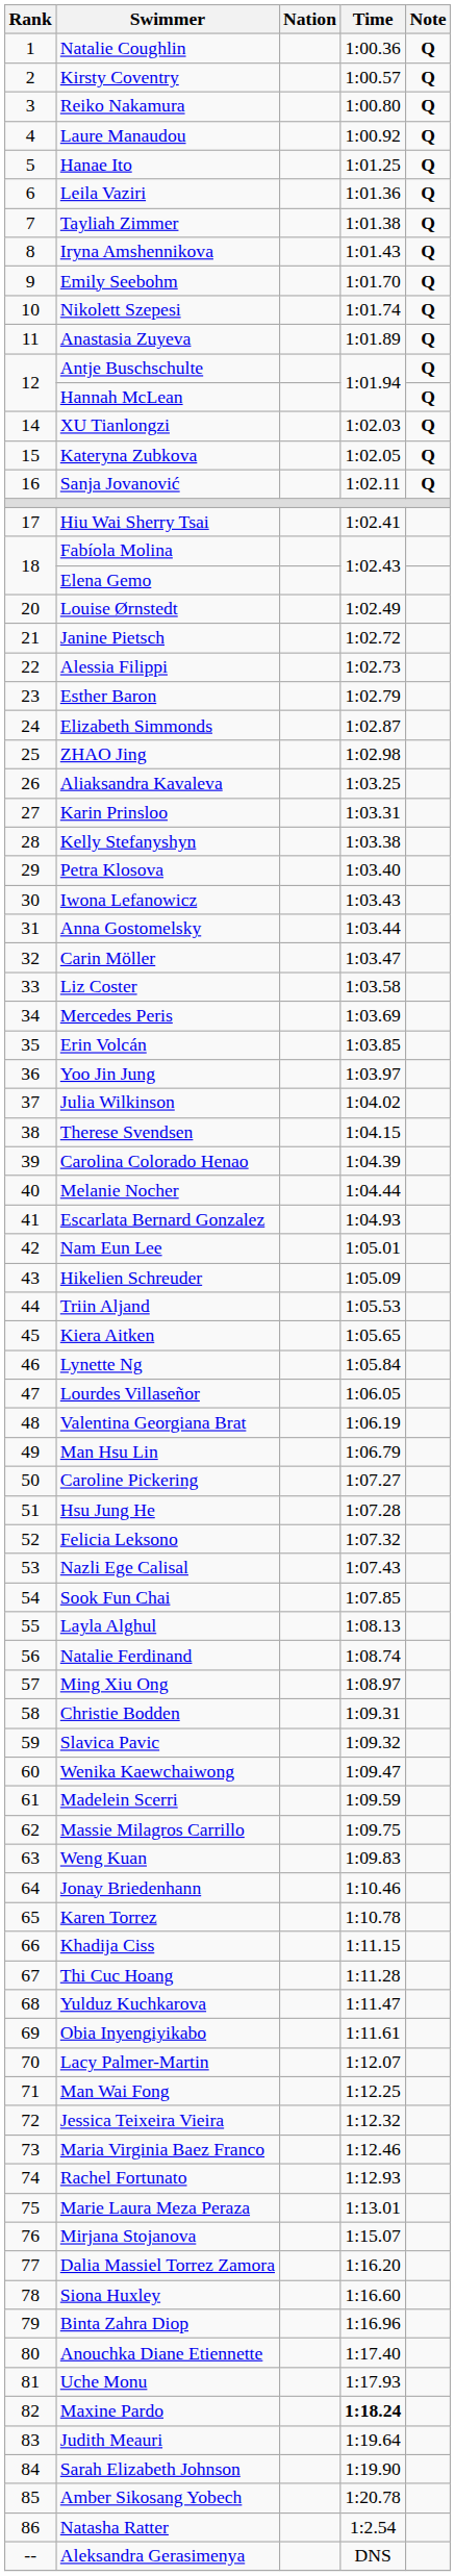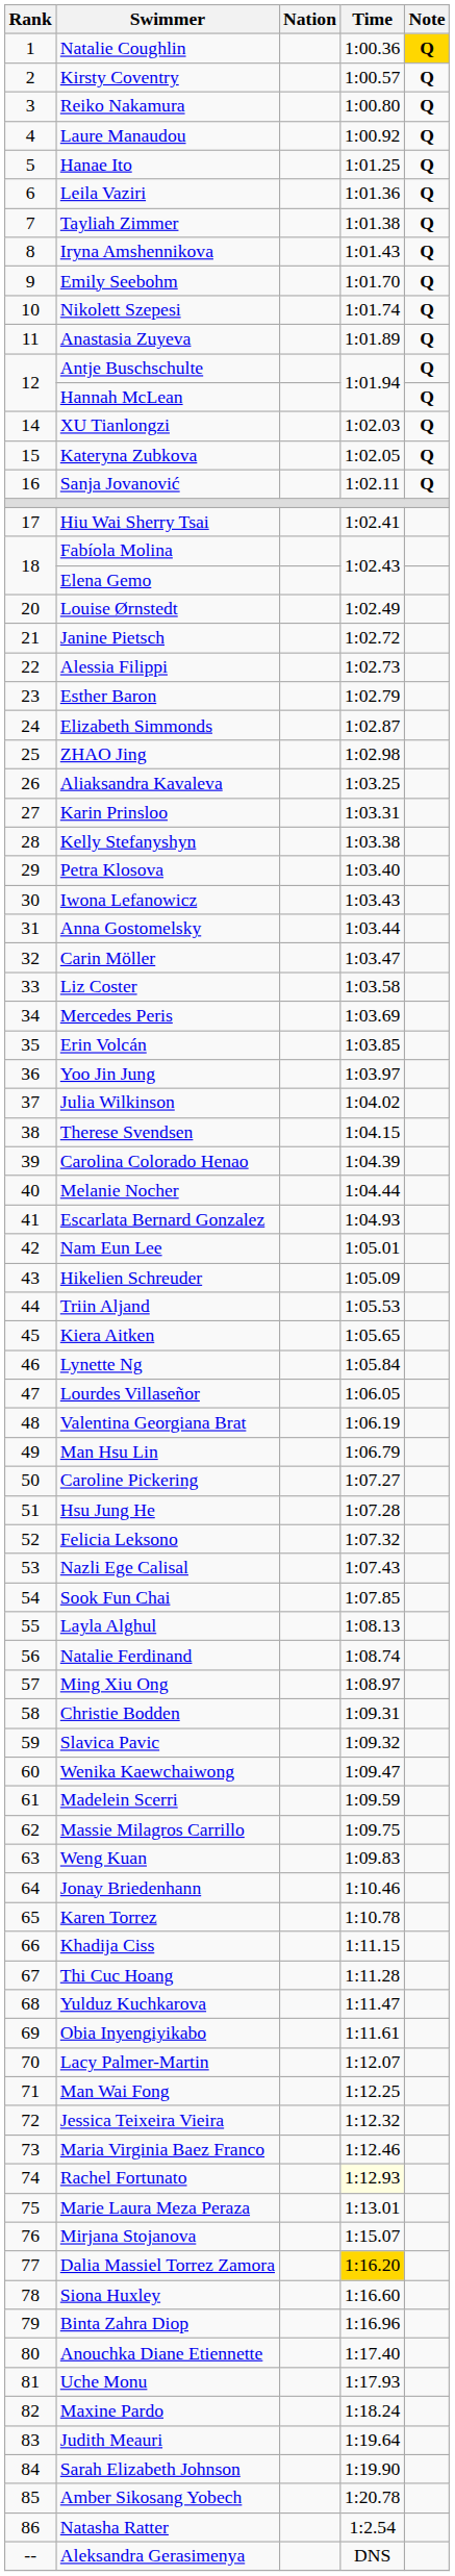 <table class="wikitable" style="text-align:center">
 <tr>
 <th>Rank</th>
 <th>Swimmer</th>
 <th>Nation</th>
 <th>Time</th>
 <th>Note</th>
 </tr>
 <tr>
 <td>1</td>
 <td align=left><a href='#'>Natalie Coughlin</a></td>
 <td align=left></td>
 <td>1:00.36</td>
-<td><strong>Q</strong></td>
+<td style="background: gold;"><strong>Q</strong></td>
 </tr>
 <tr>
 <td>2</td>
 <td align=left><a href='#'>Kirsty Coventry</a></td>
 <td align=left></td>
 <td>1:00.57</td>
 <td><strong>Q</strong></td>
 </tr>
 <tr>
 <td>3</td>
 <td align=left><a href='#'>Reiko Nakamura</a></td>
 <td align=left></td>
 <td>1:00.80</td>
 <td><strong>Q</strong></td>
 </tr>
 <tr>
 <td>4</td>
 <td align=left><a href='#'>Laure Manaudou</a></td>
 <td align=left></td>
 <td>1:00.92</td>
 <td><strong>Q</strong></td>
 </tr>
 <tr>
 <td>5</td>
 <td align=left><a href='#'>Hanae Ito</a></td>
 <td align=left></td>
 <td>1:01.25</td>
 <td><strong>Q</strong></td>
 </tr>
 <tr>
 <td>6</td>
 <td align=left><a href='#'>Leila Vaziri</a></td>
 <td align=left></td>
 <td>1:01.36</td>
 <td><strong>Q</strong></td>
 </tr>
 <tr>
 <td>7</td>
 <td align=left><a href='#'>Tayliah Zimmer</a></td>
 <td align=left></td>
 <td>1:01.38</td>
 <td><strong>Q</strong></td>
 </tr>
 <tr>
 <td>8</td>
 <td align=left><a href='#'>Iryna Amshennikova</a></td>
 <td align=left></td>
 <td>1:01.43</td>
 <td><strong>Q</strong></td>
 </tr>
 <tr>
 <td>9</td>
 <td align=left><a href='#'>Emily Seebohm</a></td>
 <td align=left></td>
 <td>1:01.70</td>
 <td><strong>Q</strong></td>
 </tr>
 <tr>
 <td>10</td>
 <td align=left><a href='#'>Nikolett Szepesi</a></td>
 <td align=left></td>
 <td>1:01.74</td>
 <td><strong>Q</strong></td>
 </tr>
 <tr>
 <td>11</td>
 <td align=left><a href='#'>Anastasia Zuyeva</a></td>
 <td align=left></td>
 <td>1:01.89</td>
 <td><strong>Q</strong></td>
 </tr>
 <tr>
 <td rowspan=2>12</td>
 <td align=left><a href='#'>Antje Buschschulte</a></td>
 <td align=left></td>
 <td rowspan=2>1:01.94</td>
 <td><strong>Q</strong></td>
 </tr>
 <tr>
 <td align=left><a href='#'>Hannah McLean</a></td>
 <td align=left></td>
 <td><strong>Q</strong></td>
 </tr>
 <tr>
 <td>14</td>
 <td align=left><a href='#'>XU Tianlongzi</a></td>
 <td align=left></td>
 <td>1:02.03</td>
 <td><strong>Q</strong></td>
 </tr>
 <tr>
 <td>15</td>
 <td align=left><a href='#'>Kateryna Zubkova</a></td>
 <td align=left></td>
 <td>1:02.05</td>
 <td><strong>Q</strong></td>
 </tr>
 <tr>
 <td>16</td>
 <td align=left><a href='#'>Sanja Jovanović</a></td>
 <td align=left></td>
 <td>1:02.11</td>
 <td><strong>Q</strong></td>
 </tr>
 <tr bgcolor=#DDDDDD>
 <td colspan=6></td>
 </tr>
 <tr>
 <td>17</td>
 <td align=left><a href='#'>Hiu Wai Sherry Tsai</a></td>
 <td align=left></td>
 <td>1:02.41</td>
 <td></td>
 </tr>
 <tr>
 <td rowspan=2>18</td>
 <td align=left><a href='#'>Fabíola Molina</a></td>
 <td align=left></td>
 <td rowspan=2>1:02.43</td>
 <td></td>
 </tr>
 <tr>
 <td align=left><a href='#'>Elena Gemo</a></td>
 <td align=left></td>
 <td></td>
 </tr>
 <tr>
 <td>20</td>
 <td align=left><a href='#'>Louise Ørnstedt</a></td>
 <td align=left></td>
 <td>1:02.49</td>
 <td></td>
 </tr>
 <tr>
 <td>21</td>
 <td align=left><a href='#'>Janine Pietsch</a></td>
 <td align=left></td>
 <td>1:02.72</td>
 <td></td>
 </tr>
 <tr>
 <td>22</td>
 <td align=left><a href='#'>Alessia Filippi</a></td>
 <td align=left></td>
 <td>1:02.73</td>
 <td></td>
 </tr>
 <tr>
 <td>23</td>
 <td align=left><a href='#'>Esther Baron</a></td>
 <td align=left></td>
 <td>1:02.79</td>
 <td></td>
 </tr>
 <tr>
 <td>24</td>
 <td align=left><a href='#'>Elizabeth Simmonds</a></td>
 <td align=left></td>
 <td>1:02.87</td>
 <td></td>
 </tr>
 <tr>
 <td>25</td>
 <td align=left><a href='#'>ZHAO Jing</a></td>
 <td align=left></td>
 <td>1:02.98</td>
 <td></td>
 </tr>
 <tr>
 <td>26</td>
 <td align=left><a href='#'>Aliaksandra Kavaleva</a></td>
 <td align=left></td>
 <td>1:03.25</td>
 <td></td>
 </tr>
 <tr>
 <td>27</td>
 <td align=left><a href='#'>Karin Prinsloo</a></td>
 <td align=left></td>
 <td>1:03.31</td>
 <td></td>
 </tr>
 <tr>
 <td>28</td>
 <td align=left><a href='#'>Kelly Stefanyshyn</a></td>
 <td align=left></td>
 <td>1:03.38</td>
 <td></td>
 </tr>
 <tr>
 <td>29</td>
 <td align=left><a href='#'>Petra Klosova</a></td>
 <td align=left></td>
 <td>1:03.40</td>
 <td></td>
 </tr>
 <tr>
 <td>30</td>
 <td align=left><a href='#'>Iwona Lefanowicz</a></td>
 <td align=left></td>
 <td>1:03.43</td>
 <td></td>
 </tr>
 <tr>
 <td>31</td>
 <td align=left><a href='#'>Anna Gostomelsky</a></td>
 <td align=left></td>
 <td>1:03.44</td>
 <td></td>
 </tr>
 <tr>
 <td>32</td>
 <td align=left><a href='#'>Carin Möller</a></td>
 <td align=left></td>
 <td>1:03.47</td>
 <td></td>
 </tr>
 <tr>
 <td>33</td>
 <td align=left><a href='#'>Liz Coster</a></td>
 <td align=left></td>
 <td>1:03.58</td>
 <td></td>
 </tr>
 <tr>
 <td>34</td>
 <td align=left><a href='#'>Mercedes Peris</a></td>
 <td align=left></td>
 <td>1:03.69</td>
 <td></td>
 </tr>
 <tr>
 <td>35</td>
 <td align=left><a href='#'>Erin Volcán</a></td>
 <td align=left></td>
 <td>1:03.85</td>
 <td></td>
 </tr>
 <tr>
 <td>36</td>
 <td align=left><a href='#'>Yoo Jin Jung</a></td>
 <td align=left></td>
 <td>1:03.97</td>
 <td></td>
 </tr>
 <tr>
 <td>37</td>
 <td align=left><a href='#'>Julia Wilkinson</a></td>
 <td align=left></td>
 <td>1:04.02</td>
 <td></td>
 </tr>
 <tr>
 <td>38</td>
 <td align=left><a href='#'>Therese Svendsen</a></td>
 <td align=left></td>
 <td>1:04.15</td>
 <td></td>
 </tr>
 <tr>
 <td>39</td>
 <td align=left><a href='#'>Carolina Colorado Henao</a></td>
 <td align=left></td>
 <td>1:04.39</td>
 <td></td>
 </tr>
 <tr>
 <td>40</td>
 <td align=left><a href='#'>Melanie Nocher</a></td>
 <td align=left></td>
 <td>1:04.44</td>
 <td></td>
 </tr>
 <tr>
 <td>41</td>
 <td align=left><a href='#'>Escarlata Bernard Gonzalez</a></td>
 <td align=left></td>
 <td>1:04.93</td>
 <td></td>
 </tr>
 <tr>
 <td>42</td>
 <td align=left><a href='#'>Nam Eun Lee</a></td>
 <td align=left></td>
 <td>1:05.01</td>
 <td></td>
 </tr>
 <tr>
 <td>43</td>
 <td align=left><a href='#'>Hikelien Schreuder</a></td>
 <td align=left></td>
 <td>1:05.09</td>
 <td></td>
 </tr>
 <tr>
 <td>44</td>
 <td align=left><a href='#'>Triin Aljand</a></td>
 <td align=left></td>
 <td>1:05.53</td>
 <td></td>
 </tr>
 <tr>
 <td>45</td>
 <td align=left><a href='#'>Kiera Aitken</a></td>
 <td align=left></td>
 <td>1:05.65</td>
 <td></td>
 </tr>
 <tr>
 <td>46</td>
 <td align=left><a href='#'>Lynette Ng</a></td>
 <td align=left></td>
 <td>1:05.84</td>
 <td></td>
 </tr>
 <tr>
 <td>47</td>
 <td align=left><a href='#'>Lourdes Villaseñor</a></td>
 <td align=left></td>
 <td>1:06.05</td>
 <td></td>
 </tr>
 <tr>
 <td>48</td>
 <td align=left><a href='#'>Valentina Georgiana Brat</a></td>
 <td align=left></td>
 <td>1:06.19</td>
 <td></td>
 </tr>
 <tr>
 <td>49</td>
 <td align=left><a href='#'>Man Hsu Lin</a></td>
 <td align=left></td>
 <td>1:06.79</td>
 <td></td>
 </tr>
 <tr>
 <td>50</td>
 <td align=left><a href='#'>Caroline Pickering</a></td>
 <td align=left></td>
 <td>1:07.27</td>
 <td></td>
 </tr>
 <tr>
 <td>51</td>
 <td align=left><a href='#'>Hsu Jung He</a></td>
 <td align=left></td>
 <td>1:07.28</td>
 <td></td>
 </tr>
 <tr>
 <td>52</td>
 <td align=left><a href='#'>Felicia Leksono</a></td>
 <td align=left></td>
 <td>1:07.32</td>
 <td></td>
 </tr>
 <tr>
 <td>53</td>
 <td align=left><a href='#'>Nazli Ege Calisal</a></td>
 <td align=left></td>
 <td>1:07.43</td>
 <td></td>
 </tr>
 <tr>
 <td>54</td>
 <td align=left><a href='#'>Sook Fun Chai</a></td>
 <td align=left></td>
 <td>1:07.85</td>
 <td></td>
 </tr>
 <tr>
 <td>55</td>
 <td align=left><a href='#'>Layla Alghul</a></td>
 <td align=left></td>
 <td>1:08.13</td>
 <td></td>
 </tr>
 <tr>
 <td>56</td>
 <td align=left><a href='#'>Natalie Ferdinand</a></td>
 <td align=left></td>
 <td>1:08.74</td>
 <td></td>
 </tr>
 <tr>
 <td>57</td>
 <td align=left><a href='#'>Ming Xiu Ong</a></td>
 <td align=left></td>
 <td>1:08.97</td>
 <td></td>
 </tr>
 <tr>
 <td>58</td>
 <td align=left><a href='#'>Christie Bodden</a></td>
 <td align=left></td>
 <td>1:09.31</td>
 <td></td>
 </tr>
 <tr>
 <td>59</td>
 <td align=left><a href='#'>Slavica Pavic</a></td>
 <td align=left></td>
 <td>1:09.32</td>
 <td></td>
 </tr>
 <tr>
 <td>60</td>
 <td align=left><a href='#'>Wenika Kaewchaiwong</a></td>
 <td align=left></td>
 <td>1:09.47</td>
 <td></td>
 </tr>
 <tr>
 <td>61</td>
 <td align=left><a href='#'>Madelein Scerri</a></td>
 <td align=left></td>
 <td>1:09.59</td>
 <td></td>
 </tr>
 <tr>
 <td>62</td>
 <td align=left><a href='#'>Massie Milagros Carrillo</a></td>
 <td align=left></td>
 <td>1:09.75</td>
 <td></td>
 </tr>
 <tr>
 <td>63</td>
 <td align=left><a href='#'>Weng Kuan</a></td>
 <td align=left></td>
 <td>1:09.83</td>
 <td></td>
 </tr>
 <tr>
 <td>64</td>
 <td align=left><a href='#'>Jonay Briedenhann</a></td>
 <td align=left></td>
 <td>1:10.46</td>
 <td></td>
 </tr>
 <tr>
 <td>65</td>
 <td align=left><a href='#'>Karen Torrez</a></td>
 <td align=left></td>
 <td>1:10.78</td>
 <td></td>
 </tr>
 <tr>
 <td>66</td>
 <td align=left><a href='#'>Khadija Ciss</a></td>
 <td align=left></td>
 <td>1:11.15</td>
 <td></td>
 </tr>
 <tr>
 <td>67</td>
 <td align=left><a href='#'>Thi Cuc Hoang</a></td>
 <td align=left></td>
 <td>1:11.28</td>
 <td></td>
 </tr>
 <tr>
 <td>68</td>
 <td align=left><a href='#'>Yulduz Kuchkarova</a></td>
 <td align=left></td>
 <td>1:11.47</td>
 <td></td>
 </tr>
 <tr>
 <td>69</td>
 <td align=left><a href='#'>Obia Inyengiyikabo</a></td>
 <td align=left></td>
 <td>1:11.61</td>
 <td></td>
 </tr>
 <tr>
 <td>70</td>
 <td align=left><a href='#'>Lacy Palmer-Martin</a></td>
 <td align=left></td>
 <td>1:12.07</td>
 <td></td>
 </tr>
 <tr>
 <td>71</td>
 <td align=left><a href='#'>Man Wai Fong</a></td>
 <td align=left></td>
 <td>1:12.25</td>
 <td></td>
 </tr>
 <tr>
 <td>72</td>
 <td align=left><a href='#'>Jessica Teixeira Vieira</a></td>
 <td align=left></td>
 <td>1:12.32</td>
 <td></td>
 </tr>
 <tr>
 <td>73</td>
 <td align=left><a href='#'>Maria Virginia Baez Franco</a></td>
 <td align=left></td>
 <td>1:12.46</td>
 <td></td>
 </tr>
 <tr>
 <td>74</td>
 <td align=left><a href='#'>Rachel Fortunato</a></td>
 <td align=left></td>
-<td>1:12.93</td>
+<td style="background: lightyellow;">1:12.93</td>
 <td></td>
 </tr>
 <tr>
 <td>75</td>
 <td align=left><a href='#'>Marie Laura Meza Peraza</a></td>
 <td align=left></td>
 <td>1:13.01</td>
 <td></td>
 </tr>
 <tr>
 <td>76</td>
 <td align=left><a href='#'>Mirjana Stojanova</a></td>
 <td align=left></td>
 <td>1:15.07</td>
 <td></td>
 </tr>
 <tr>
 <td>77</td>
 <td align=left><a href='#'>Dalia Massiel Torrez Zamora</a></td>
 <td align=left></td>
-<td>1:16.20</td>
+<td style="background: gold;">1:16.20</td>
 <td></td>
 </tr>
 <tr>
 <td>78</td>
 <td align=left><a href='#'>Siona Huxley</a></td>
 <td align=left></td>
 <td>1:16.60</td>
 <td></td>
 </tr>
 <tr>
 <td>79</td>
 <td align=left><a href='#'>Binta Zahra Diop</a></td>
 <td align=left></td>
 <td>1:16.96</td>
 <td></td>
 </tr>
 <tr>
 <td>80</td>
 <td align=left><a href='#'>Anouchka Diane Etiennette</a></td>
 <td align=left></td>
 <td>1:17.40</td>
 <td></td>
 </tr>
 <tr>
 <td>81</td>
 <td align=left><a href='#'>Uche Monu</a></td>
 <td align=left></td>
 <td>1:17.93</td>
 <td></td>
 </tr>
 <tr>
 <td>82</td>
 <td align=left><a href='#'>Maxine Pardo</a></td>
 <td align=left></td>
-<td><strong>1:18.24</strong></td>
+<td>1:18.24</td>
 <td></td>
 </tr>
 <tr>
 <td>83</td>
 <td align=left><a href='#'>Judith Meauri</a></td>
 <td align=left></td>
 <td>1:19.64</td>
 <td></td>
 </tr>
 <tr>
 <td>84</td>
 <td align=left><a href='#'>Sarah Elizabeth Johnson</a></td>
 <td align=left></td>
 <td>1:19.90</td>
 <td></td>
 </tr>
 <tr>
 <td>85</td>
 <td align=left><a href='#'>Amber Sikosang Yobech</a></td>
 <td align=left></td>
 <td>1:20.78</td>
 <td></td>
 </tr>
 <tr>
 <td>86</td>
 <td align=left><a href='#'>Natasha Ratter</a></td>
 <td align=left></td>
 <td>1:2.54</td>
 <td></td>
 </tr>
 <tr>
 <td>--</td>
 <td align=left><a href='#'>Aleksandra Gerasimenya</a></td>
 <td align=left></td>
 <td>DNS</td>
 <td></td>
 </tr>
 <tr>
 </tr>
 </table>
